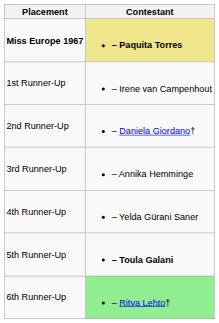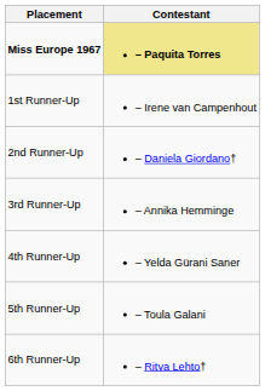 <table class="wikitable sortable" style="font-size: 95%;">
 <tr>
 <th>Placement</th>
 <th>Contestant</th>
 </tr>
 <tr>
 <td><strong>Miss Europe 1967</strong></td>
 <td style="background: khaki;"><br><ul><li><strong> – Paquita Torres</strong></li></ul></td>
 </tr>
 <tr>
 <td>1st Runner-Up</td>
 <td><br><ul><li> – Irene van Campenhout</li></ul></td>
 </tr>
 <tr>
 <td>2nd Runner-Up</td>
 <td><br><ul><li> – <a href='#'>Daniela Giordano</a>†</li></ul></td>
 </tr>
 <tr>
 <td>3rd Runner-Up</td>
 <td><br><ul><li> – Annika Hemminge</li></ul></td>
 </tr>
 <tr>
 <td>4th Runner-Up</td>
 <td><br><ul><li> – Yelda Gürani Saner</li></ul></td>
 </tr>
 <tr>
 <td>5th Runner-Up</td>
-<td><strong><br><ul><li> – Toula Galani</li></ul></strong></td>
+<td><br><ul><li> – Toula Galani</li></ul></td>
 </tr>
 <tr>
 <td>6th Runner-Up</td>
-<td style="background: lightgreen;"><br><ul><li> – <a href='#'>Ritva Lehto</a>†</li></ul></td>
+<td><br><ul><li> – <a href='#'>Ritva Lehto</a>†</li></ul></td>
 </tr>
 </table>
